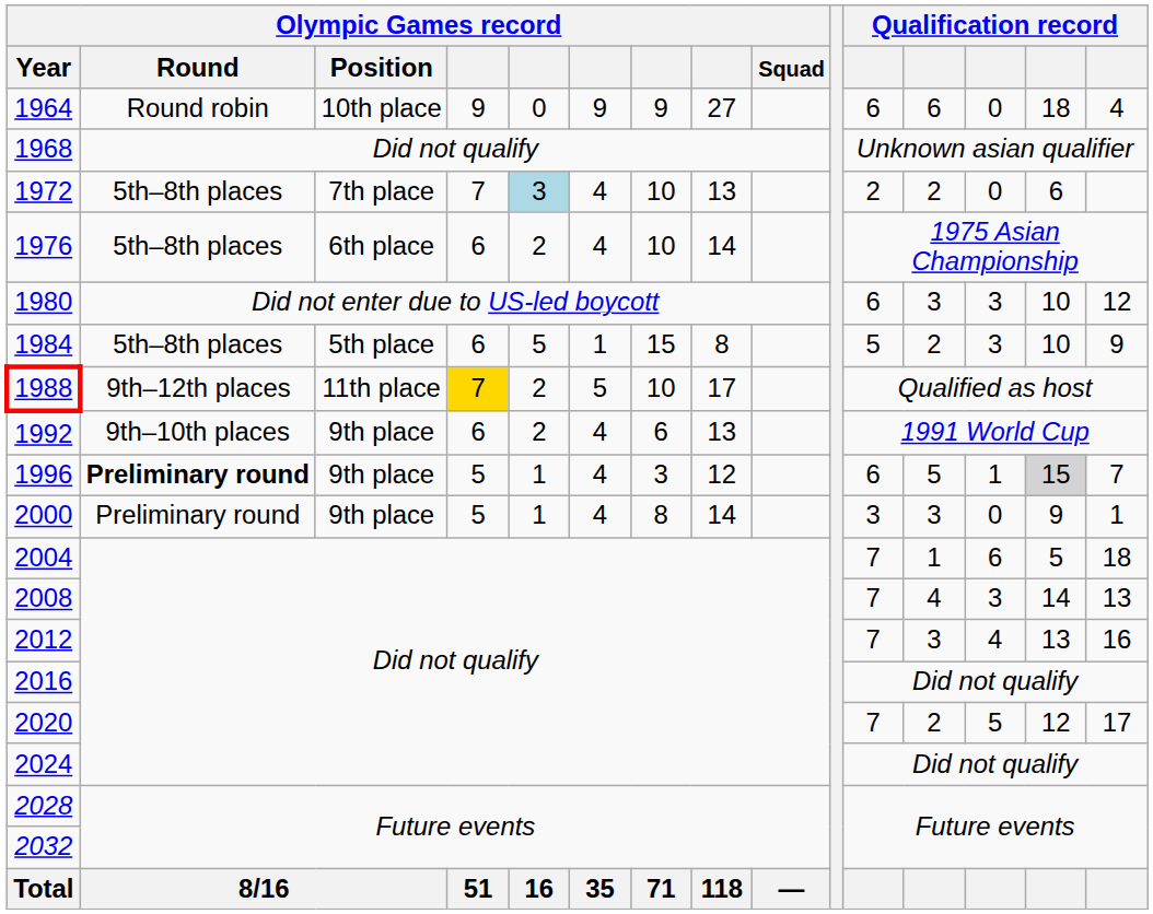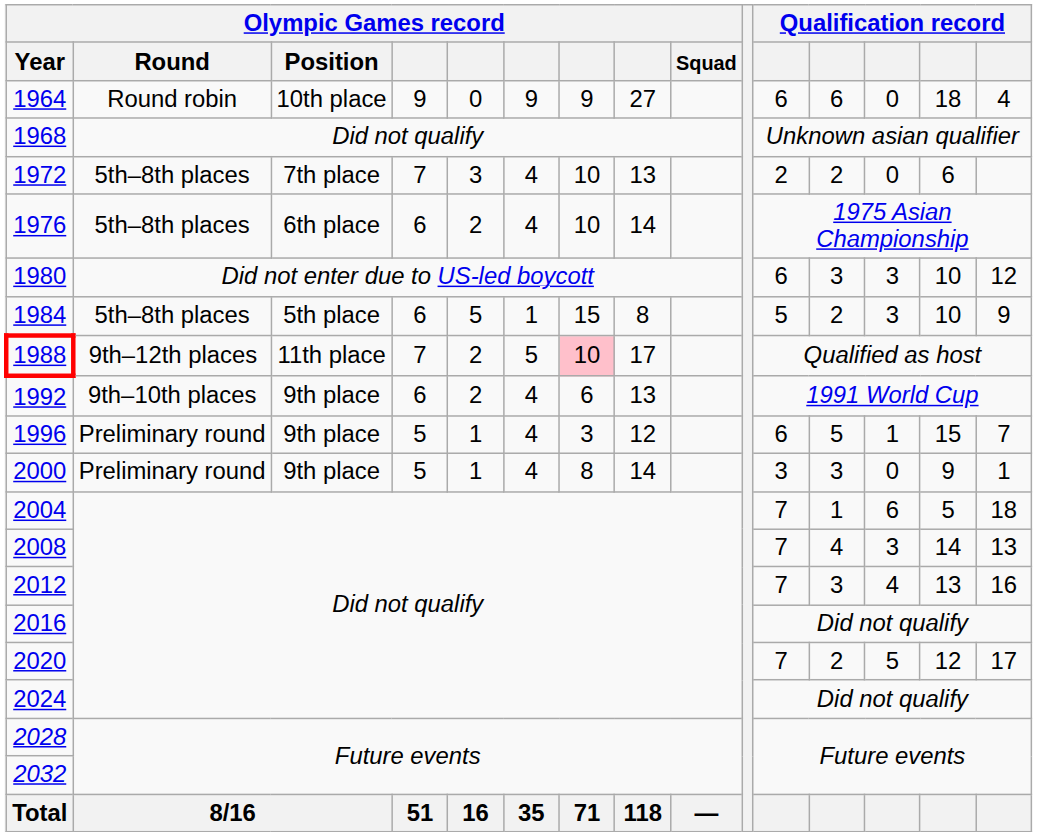 <table class="wikitable" style="text-align: center;">
 <tr>
 <th colspan=9><a href='#'>Olympic Games record</a></th>
 <th rowspan=21></th>
 <th colspan=5><a href='#'>Qualification record</a></th>
 </tr>
 <tr>
 <th>Year</th>
 <th>Round</th>
 <th>Position</th>
 <th width=30></th>
 <th width=30></th>
 <th width=30></th>
 <th width=30></th>
 <th width=30></th>
 <th><small>Squad</small></th>
 <th width=30></th>
 <th width=30></th>
 <th width=30></th>
 <th width=30></th>
 <th width=30></th>
 </tr>
 <tr>
 <td> <a href='#'>1964</a></td>
 <td>Round robin</td>
 <td>10th place</td>
 <td>9</td>
 <td>0</td>
 <td>9</td>
 <td>9</td>
 <td>27</td>
 <td></td>
 <td>6</td>
 <td>6</td>
 <td>0</td>
 <td>18</td>
 <td>4</td>
 </tr>
 <tr>
 <td> <a href='#'>1968</a></td>
 <td colspan=8><em>Did not qualify</em></td>
 <td colspan=5><em>Unknown asian qualifier</em></td>
 </tr>
 <tr>
 <td> <a href='#'>1972</a></td>
 <td>5th–8th places</td>
 <td>7th place</td>
 <td>7</td>
-<td style="background: lightblue;">3</td>
+<td>3</td>
 <td>4</td>
 <td>10</td>
 <td>13</td>
 <td></td>
 <td>2</td>
 <td>2</td>
 <td>0</td>
 <td>6</td>
 <td></td>
 </tr>
 <tr>
 <td> <a href='#'>1976</a></td>
 <td>5th–8th places</td>
 <td>6th place</td>
 <td>6</td>
 <td>2</td>
 <td>4</td>
 <td>10</td>
 <td>14</td>
 <td></td>
 <td colspan=5><em><a href='#'>1975 Asian Championship</a></em></td>
 </tr>
 <tr>
 <td> <a href='#'>1980</a></td>
 <td colspan=8><em>Did not enter due to <a href='#'>US-led boycott</a></em></td>
 <td>6</td>
 <td>3</td>
 <td>3</td>
 <td>10</td>
 <td>12</td>
 </tr>
 <tr>
 <td> <a href='#'>1984</a></td>
 <td>5th–8th places</td>
 <td>5th place</td>
 <td>6</td>
 <td>5</td>
 <td>1</td>
 <td>15</td>
 <td>8</td>
 <td></td>
 <td>5</td>
 <td>2</td>
 <td>3</td>
 <td>10</td>
 <td>9</td>
 </tr>
 <tr>
 <td style="border:3px solid red"> <a href='#'>1988</a></td>
 <td>9th–12th places</td>
 <td>11th place</td>
-<td style="background: gold;">7</td>
+<td>7</td>
 <td>2</td>
 <td>5</td>
-<td>10</td>
+<td style="background: pink;">10</td>
 <td>17</td>
 <td></td>
 <td colspan=5><em>Qualified as host</em></td>
 </tr>
 <tr>
 <td> <a href='#'>1992</a></td>
 <td>9th–10th places</td>
 <td>9th place</td>
 <td>6</td>
 <td>2</td>
 <td>4</td>
 <td>6</td>
 <td>13</td>
 <td></td>
 <td colspan=5><em><a href='#'>1991 World Cup</a></em></td>
 </tr>
 <tr>
 <td> <a href='#'>1996</a></td>
-<td><strong>Preliminary round</strong></td>
+<td>Preliminary round</td>
 <td>9th place</td>
 <td>5</td>
 <td>1</td>
 <td>4</td>
 <td>3</td>
 <td>12</td>
 <td></td>
 <td>6</td>
 <td>5</td>
 <td>1</td>
-<td style="background: lightgrey;">15</td>
+<td>15</td>
 <td>7</td>
 </tr>
 <tr>
 <td> <a href='#'>2000</a></td>
 <td>Preliminary round</td>
 <td>9th place</td>
 <td>5</td>
 <td>1</td>
 <td>4</td>
 <td>8</td>
 <td>14</td>
 <td></td>
 <td>3</td>
 <td>3</td>
 <td>0</td>
 <td>9</td>
 <td>1</td>
 </tr>
 <tr>
 <td> <a href='#'>2004</a></td>
 <td colspan=8 rowspan=6><em>Did not qualify</em></td>
 <td>7</td>
 <td>1</td>
 <td>6</td>
 <td>5</td>
 <td>18</td>
 </tr>
 <tr>
 <td> <a href='#'>2008</a></td>
 <td>7</td>
 <td>4</td>
 <td>3</td>
 <td>14</td>
 <td>13</td>
 </tr>
 <tr>
 <td> <a href='#'>2012</a></td>
 <td>7</td>
 <td>3</td>
 <td>4</td>
 <td>13</td>
 <td>16</td>
 </tr>
 <tr>
 <td> <a href='#'>2016</a></td>
 <td colspan=5><em>Did not qualify</em></td>
 </tr>
 <tr>
 <td> <a href='#'>2020</a></td>
 <td>7</td>
 <td>2</td>
 <td>5</td>
 <td>12</td>
 <td>17</td>
 </tr>
 <tr>
 <td> <a href='#'>2024</a></td>
 <td colspan=5><em>Did not qualify</em></td>
 </tr>
 <tr>
 <td> <em><a href='#'>2028</a></em></td>
 <td colspan=8 rowspan=2><em>Future events</em></td>
 <td colspan=5 rowspan=2><em>Future events</em></td>
 </tr>
 <tr>
 <td> <em><a href='#'>2032</a></em></td>
 </tr>
 <tr>
 <th>Total</th>
 <th colspan=2>8/16</th>
 <th>51</th>
 <th>16</th>
 <th>35</th>
 <th>71</th>
 <th>118</th>
 <th>—</th>
 <th></th>
 <th></th>
 <th></th>
 <th></th>
 <th></th>
 </tr>
 </table>
